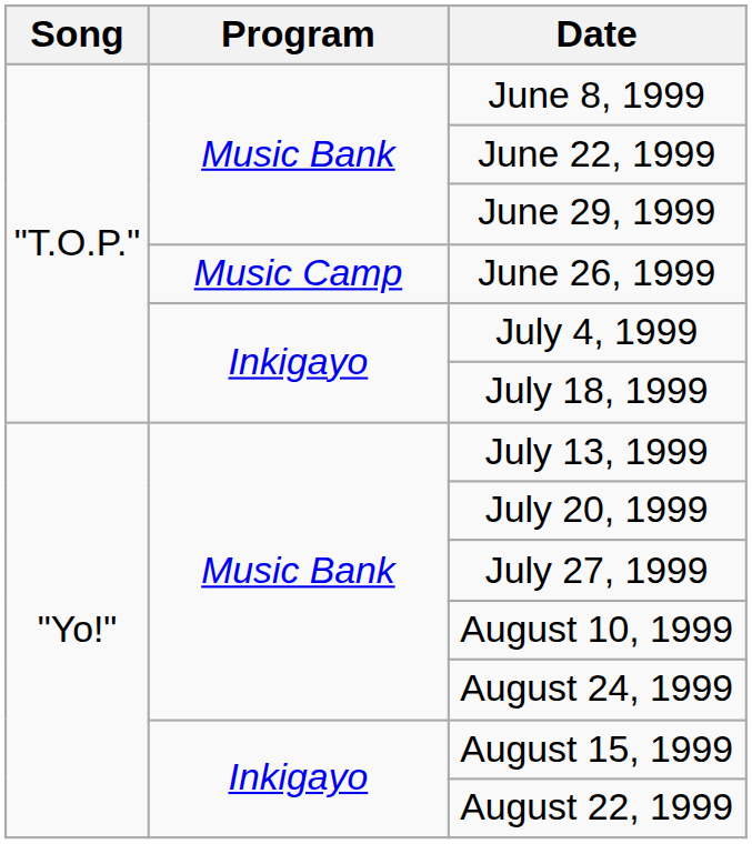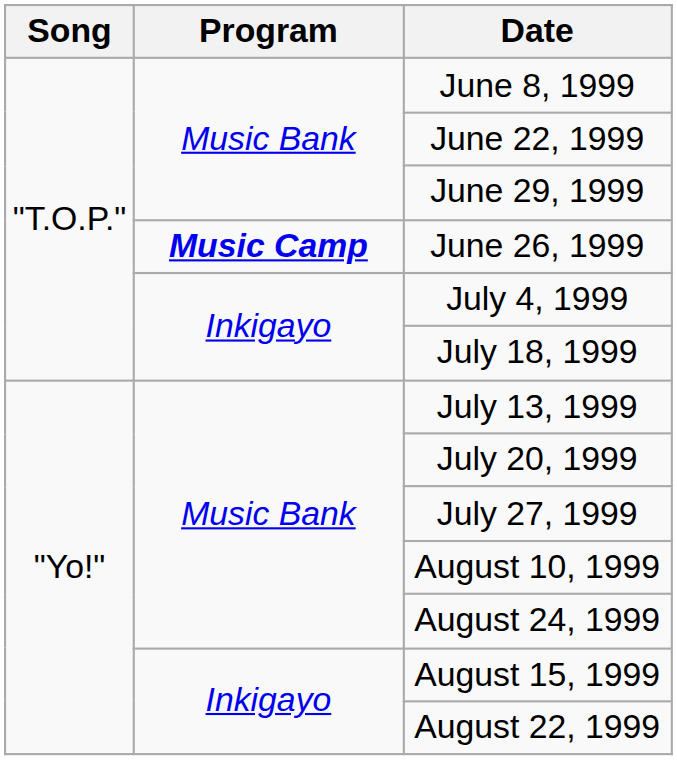 <table class="wikitable sortable plainrowheaders" style="text-align:center">
 <tr>
 <th>Song</th>
 <th width="120">Program</th>
 <th width="120">Date</th>
 </tr>
 <tr>
 <td rowspan="6">"T.O.P."</td>
 <td rowspan="3"><em><a href='#'>Music Bank</a></em></td>
 <td>June 8, 1999</td>
 </tr>
 <tr>
 <td>June 22, 1999</td>
 </tr>
 <tr>
 <td>June 29, 1999</td>
 </tr>
 <tr>
-<td><em><a href='#'>Music Camp</a></em></td>
+<td><strong><em><a href='#'>Music Camp</a></em></strong></td>
 <td>June 26, 1999</td>
 </tr>
 <tr>
 <td rowspan="2"><em><a href='#'>Inkigayo</a></em></td>
 <td>July 4, 1999</td>
 </tr>
 <tr>
 <td>July 18, 1999</td>
 </tr>
 <tr>
 <td rowspan="7">"Yo!"</td>
 <td rowspan="5"><em><a href='#'>Music Bank</a></em></td>
 <td>July 13, 1999</td>
 </tr>
 <tr>
 <td>July 20, 1999</td>
 </tr>
 <tr>
 <td>July 27, 1999</td>
 </tr>
 <tr>
 <td>August 10, 1999</td>
 </tr>
 <tr>
 <td>August 24, 1999</td>
 </tr>
 <tr>
 <td rowspan="2"><em><a href='#'>Inkigayo</a></em></td>
 <td>August 15, 1999</td>
 </tr>
 <tr>
 <td>August 22, 1999</td>
 </tr>
 </table>
